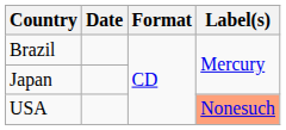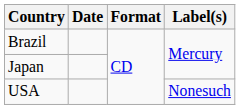 <table class="wikitable plainrowheaders">
 <tr>
 <th scope="col">Country</th>
 <th scope="col">Date</th>
 <th scope="col">Format</th>
 <th scope="col">Label(s)</th>
 </tr>
 <tr>
 <td>Brazil</td>
 <td></td>
 <td rowspan="3"><a href='#'>CD</a></td>
 <td rowspan="2"><a href='#'>Mercury</a></td>
 </tr>
 <tr>
 <td>Japan</td>
 <td></td>
 </tr>
 <tr>
 <td>USA</td>
 <td></td>
-<td style="background: lightsalmon;"><a href='#'>Nonesuch</a></td>
+<td><a href='#'>Nonesuch</a></td>
 </tr>
 </table>
